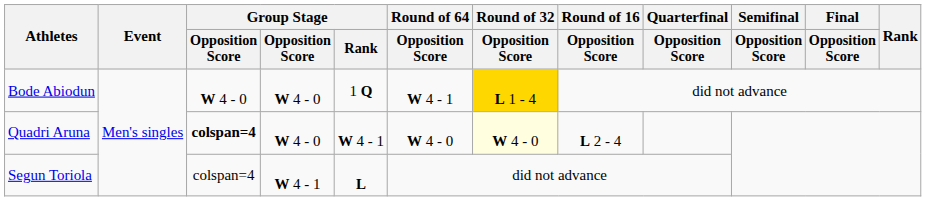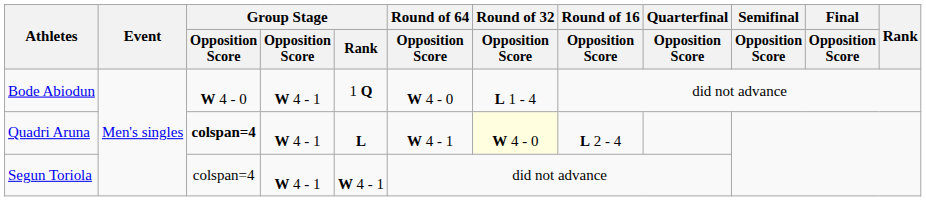 <table class="wikitable" style="font-size:90%">
 <tr>
 <th rowspan=2>Athletes</th>
 <th rowspan=2>Event</th>
 <th colspan=3>Group Stage</th>
 <th>Round of 64</th>
 <th>Round of 32</th>
 <th>Round of 16</th>
 <th>Quarterfinal</th>
 <th>Semifinal</th>
 <th>Final</th>
 <th rowspan=2>Rank</th>
 </tr>
 <tr style="font-size:95%">
 <th>Opposition<br>Score</th>
 <th>Opposition<br>Score</th>
 <th>Rank</th>
 <th>Opposition<br>Score</th>
 <th>Opposition<br>Score</th>
 <th>Opposition<br>Score</th>
 <th>Opposition<br>Score</th>
 <th>Opposition<br>Score</th>
 <th>Opposition<br>Score</th>
 </tr>
 <tr align=center>
 <td align=left><a href='#'>Bode Abiodun</a></td>
 <td align=left rowspan=3><a href='#'>Men's singles</a></td>
 <td><br><strong>W</strong> 4 - 0</td>
+<td><br><strong>W</strong> 4 - 1</td>
+<td>1 <strong>Q</strong></td>
 <td><br><strong>W</strong> 4 - 0</td>
-<td>1 <strong>Q</strong></td>
-<td><br><strong>W</strong> 4 - 1</td>
-<td style="background: gold;"><br><strong>L</strong> 1 - 4</td>
+<td><br><strong>L</strong> 1 - 4</td>
 <td colspan=5>did not advance</td>
 </tr>
 <tr align=center>
 <td align=left><a href='#'>Quadri Aruna</a></td>
 <td><strong>colspan=4 </strong></td>
-<td><br><strong>W</strong> 4 - 0</td>
 <td><br><strong>W</strong> 4 - 1</td>
-<td><br><strong>W</strong> 4 - 0</td>
+<td><br><strong>L</strong> </td>
+<td><br><strong>W</strong> 4 - 1</td>
 <td style="background: lightyellow;"><br><strong>W</strong> 4 - 0</td>
 <td><br><strong>L</strong> 2 - 4</td>
 <td></td>
 </tr>
 <tr align=center>
 <td align=left><a href='#'>Segun Toriola</a></td>
 <td>colspan=4 </td>
 <td><br><strong>W</strong> 4 - 1</td>
-<td><br><strong>L</strong> </td>
+<td><br><strong>W</strong> 4 - 1</td>
 <td colspan=4>did not advance</td>
 </tr>
 </table>
